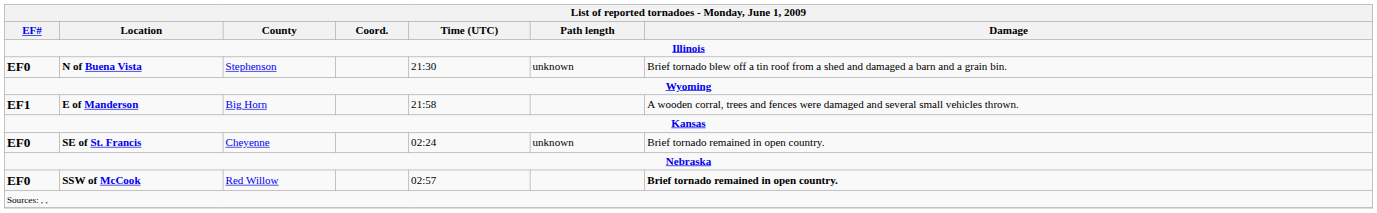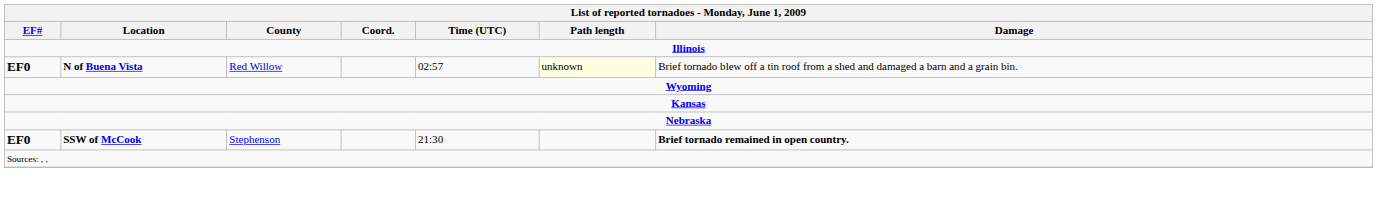 <table class="wikitable collapsible" width="100%">
 <tr>
 <th colspan="7">List of reported tornadoes - Monday, June 1, 2009</th>
 </tr>
 <tr>
 <th><a href='#'>EF#</a></th>
 <th>Location</th>
 <th>County</th>
 <th>Coord.</th>
 <th>Time (UTC)</th>
 <th>Path length</th>
 <th>Damage</th>
 </tr>
 <tr>
 <td colspan="7" align=center><strong><a href='#'>Illinois</a></strong></td>
 </tr>
 <tr>
 <td><big><strong>EF0</strong></big></td>
 <td><strong>N of <a href='#'>Buena Vista</a></strong></td>
-<td><a href='#'>Stephenson</a></td>
+<td><a href='#'>Red Willow</a></td>
 <td></td>
-<td>21:30</td>
-<td>unknown</td>
+<td>02:57</td>
+<td style="background: lightyellow;">unknown</td>
 <td>Brief tornado blew off a tin roof from a shed and damaged a barn and a grain bin.</td>
 </tr>
 <tr>
 <td colspan="7" align=center><strong><a href='#'>Wyoming</a></strong></td>
 </tr>
 <tr>
-<td><big><strong>EF1</strong></big></td>
-<td><strong>E of <a href='#'>Manderson</a></strong></td>
-<td><a href='#'>Big Horn</a></td>
-<td></td>
-<td>21:58</td>
-<td></td>
-<td>A wooden corral, trees and fences were damaged and several small vehicles thrown.</td>
-</tr>
-<tr>
 <td colspan="7" align=center><strong><a href='#'>Kansas</a></strong></td>
-</tr>
-<tr>
-<td><big><strong>EF0</strong></big></td>
-<td><strong>SE of <a href='#'>St. Francis</a></strong></td>
-<td><a href='#'>Cheyenne</a></td>
-<td></td>
-<td>02:24</td>
-<td>unknown</td>
-<td>Brief tornado remained in open country.</td>
 </tr>
 <tr>
 <td colspan="7" align=center><strong><a href='#'>Nebraska</a></strong></td>
 </tr>
 <tr>
 <td><big><strong>EF0</strong></big></td>
 <td><strong>SSW of <a href='#'>McCook</a></strong></td>
-<td><a href='#'>Red Willow</a></td>
+<td><a href='#'>Stephenson</a></td>
 <td></td>
-<td>02:57</td>
+<td>21:30</td>
 <td></td>
 <td><strong>Brief tornado remained in open country.</strong></td>
 </tr>
 <tr>
 <td colspan="7"><small>Sources: , , </small></td>
 </tr>
 <tr>
 </tr>
 </table>
